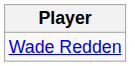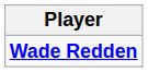 <table class="wikitable">
 <tr>
 <th>Player</th>
 </tr>
 <tr>
-<td><a href='#'>Wade Redden</a></td>
+<td><strong><a href='#'>Wade Redden</a></strong></td>
 </tr>
 </table>
